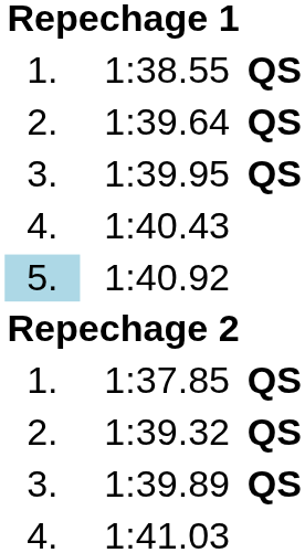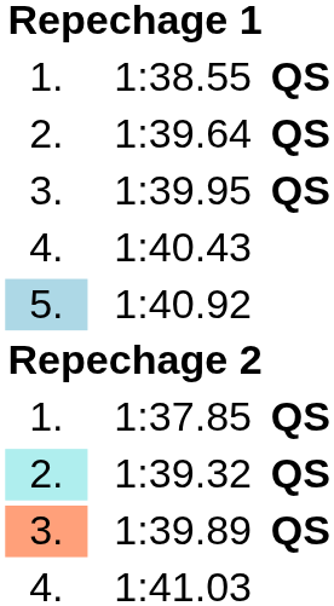 <table style="text-align:center">
 <tr>
 <td colspan=4 align=left><strong>Repechage 1</strong></td>
 </tr>
 <tr>
 <td width=30>1.</td>
 <td align=left></td>
 <td width=60>1:38.55</td>
 <td><strong>QS</strong></td>
 </tr>
 <tr>
 <td>2.</td>
 <td align=left></td>
 <td>1:39.64</td>
 <td><strong>QS</strong></td>
 </tr>
 <tr>
 <td>3.</td>
 <td align=left></td>
 <td>1:39.95</td>
 <td><strong>QS</strong></td>
 </tr>
 <tr>
 <td>4.</td>
 <td align=left></td>
 <td>1:40.43</td>
 <td></td>
 </tr>
 <tr>
 <td style="background: lightblue;">5.</td>
 <td align=left></td>
 <td>1:40.92</td>
 <td></td>
 </tr>
 <tr>
 <td colspan=4 align=left><strong>Repechage 2</strong></td>
 </tr>
 <tr>
 <td>1.</td>
 <td align=left></td>
 <td>1:37.85</td>
 <td><strong>QS</strong></td>
 </tr>
 <tr>
-<td>2.</td>
+<td style="background: paleturquoise;">2.</td>
 <td align=left></td>
 <td>1:39.32</td>
 <td><strong>QS</strong></td>
 </tr>
 <tr>
-<td>3.</td>
+<td style="background: lightsalmon;">3.</td>
 <td align=left></td>
 <td>1:39.89</td>
 <td><strong>QS</strong></td>
 </tr>
 <tr>
 <td>4.</td>
 <td align=left></td>
 <td>1:41.03</td>
 <td></td>
 </tr>
 </table>
